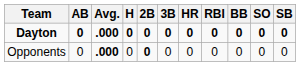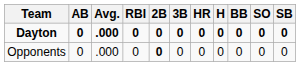 <table class="wikitable sortable">
 <tr>
 <th>Team</th>
 <th>AB</th>
 <th>Avg.</th>
-<th>H</th>
+<th>RBI</th>
 <th>2B</th>
 <th>3B</th>
 <th>HR</th>
-<th>RBI</th>
+<th>H</th>
 <th>BB</th>
 <th>SO</th>
 <th>SB</th>
 </tr>
 <tr style="text-align:center;">
 <td><strong>Dayton</strong></td>
 <td><strong>0</strong></td>
 <td><strong>.000</strong></td>
 <td><strong>0</strong></td>
 <td><strong>0</strong></td>
 <td><strong>0</strong></td>
 <td><strong>0</strong></td>
 <td><strong>0</strong></td>
 <td><strong>0</strong></td>
 <td><strong>0</strong></td>
 <td><strong>0</strong></td>
 </tr>
 <tr style="text-align:center;">
 <td>Opponents</td>
 <td>0</td>
-<td><strong>.000</strong></td>
+<td>.000</td>
 <td>0</td>
 <td><strong>0</strong></td>
 <td>0</td>
 <td>0</td>
 <td>0</td>
 <td>0</td>
 <td>0</td>
 <td>0</td>
 </tr>
 </table>
